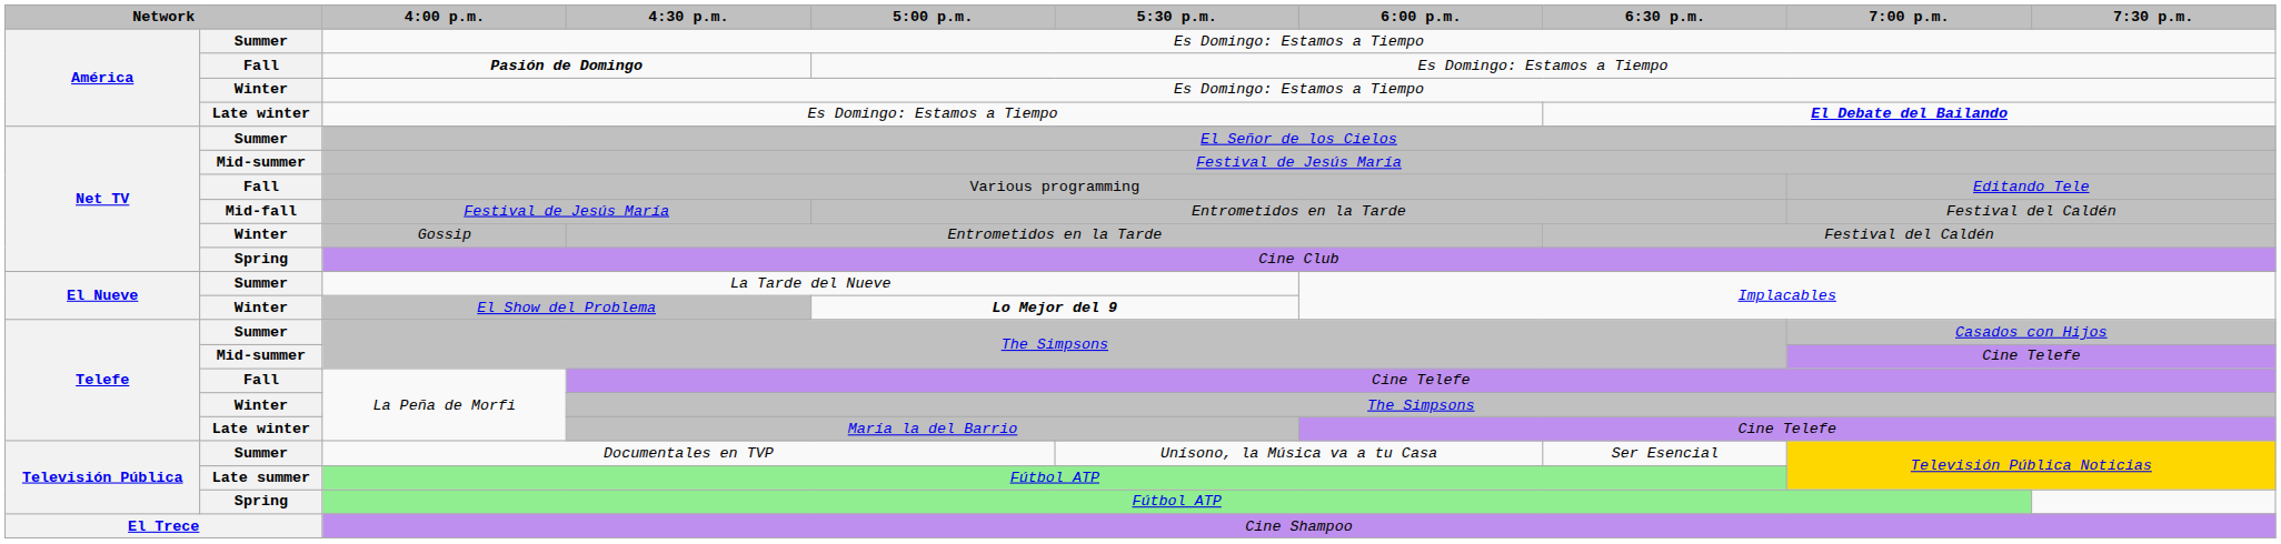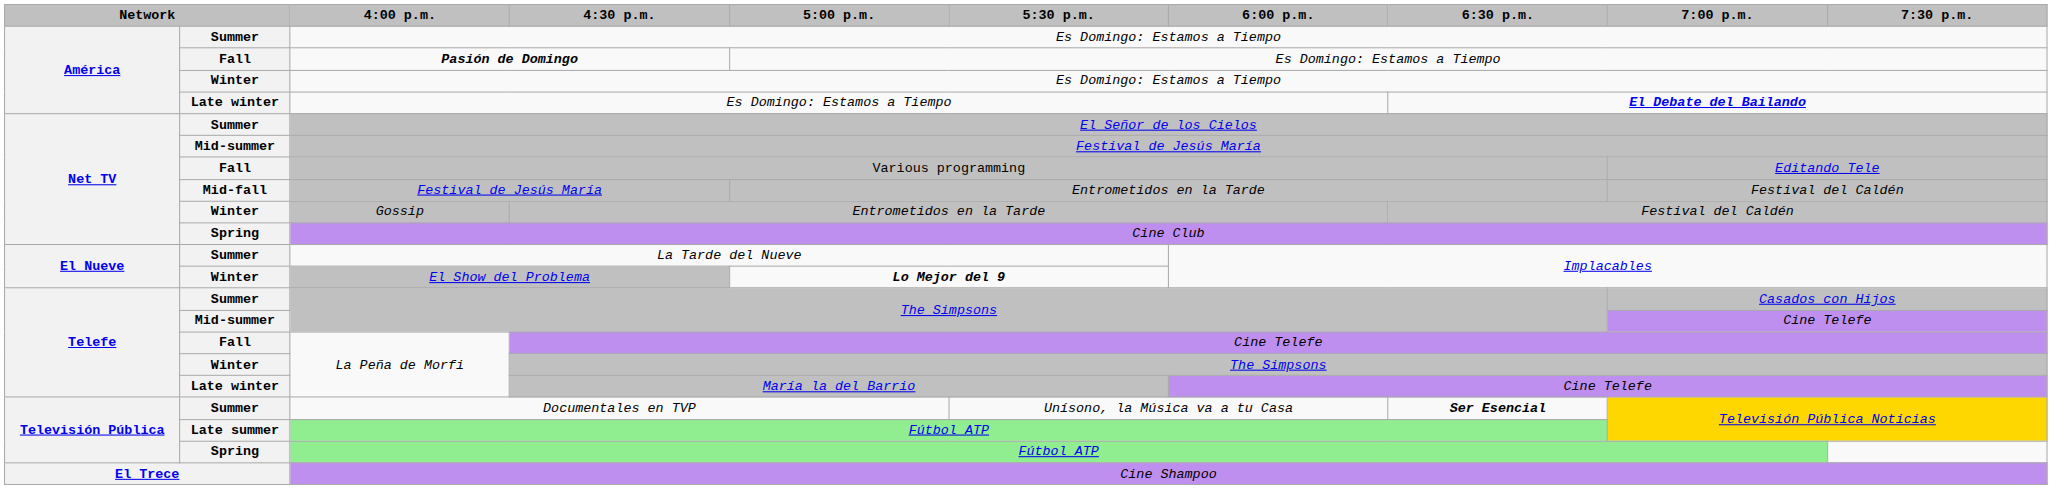 <table class="wikitable" style="width:100%;margin-right:0;text-align:center">
 <tr>
 <th colspan="2" style="background-color:#C0C0C0;width:13%;">Network</th>
 <th style="background-color:#C0C0C0;text-align:center;width:10%;">4:00 p.m.</th>
 <th style="background-color:#C0C0C0;text-align:center;width:10%;">4:30 p.m.</th>
 <th style="background-color:#C0C0C0;text-align:center;width:10%;">5:00 p.m.</th>
 <th style="background-color:#C0C0C0;text-align:center;width:10%;">5:30 p.m.</th>
 <th style="background-color:#C0C0C0;text-align:center;width:10%;">6:00 p.m.</th>
 <th style="background-color:#C0C0C0;text-align:center;width:10%;">6:30 p.m.</th>
 <th style="background-color:#C0C0C0;text-align:center;width:10%;">7:00 p.m.</th>
 <th style="background-color:#C0C0C0;text-align:center;width:10%;">7:30 p.m.</th>
 </tr>
 <tr>
 <th rowspan="4"><a href='#'>América</a></th>
 <th>Summer</th>
 <td colspan="8"><em>Es Domingo: Estamos a Tiempo</em> </td>
 </tr>
 <tr>
 <th>Fall</th>
 <td colspan="2"><strong><em>Pasión de Domingo</em></strong><br></td>
 <td colspan="6"><em>Es Domingo: Estamos a Tiempo</em></td>
 </tr>
 <tr>
 <th>Winter</th>
 <td colspan="8"><em>Es Domingo: Estamos a Tiempo</em> </td>
 </tr>
 <tr>
 <th>Late winter</th>
 <td colspan="5"><em>Es Domingo: Estamos a Tiempo</em> </td>
 <td colspan="3"><strong><em><a href='#'>El Debate del Bailando</a></em></strong></td>
 </tr>
 <tr>
 <th rowspan="6"><a href='#'>Net TV</a></th>
 <th>Summer</th>
 <td style="background:#C0C0C0;" colspan="8"><em><a href='#'>El Señor de los Cielos</a></em> </td>
 </tr>
 <tr>
 <th>Mid-summer</th>
 <td style="background:#C0C0C0;" colspan="8"><em><a href='#'>Festival de Jesús María</a></em> </td>
 </tr>
 <tr>
 <th>Fall</th>
 <td style="background:#C0C0C0;" colspan="6">Various programming</td>
 <td style="background:#C0C0C0;" colspan="2"><em><a href='#'>Editando Tele</a></em> </td>
 </tr>
 <tr>
 <th>Mid-fall</th>
 <td style="background:#C0C0C0;" colspan="2"><em><a href='#'>Festival de Jesús María</a></em>  </td>
 <td style="background:#C0C0C0;" colspan="4"><em>Entrometidos en la Tarde</em> </td>
 <td style="background:#C0C0C0;" colspan="2"><em>Festival del Caldén</em>  </td>
 </tr>
 <tr>
 <th>Winter</th>
 <td style="background:#C0C0C0;"><em>Gossip</em>  </td>
 <td style="background:#C0C0C0;" colspan="4"><em>Entrometidos en la Tarde</em> </td>
 <td style="background:#C0C0C0;" colspan="3"><em>Festival del Caldén</em> </td>
 </tr>
 <tr>
 <th>Spring</th>
 <td style="background:#bf8fef;" colspan="8"><em>Cine Club</em> </td>
 </tr>
 <tr>
 <th rowspan="2"><a href='#'>El Nueve</a></th>
 <th>Summer</th>
 <td colspan="4"><em>La Tarde del Nueve</em></td>
 <td colspan="4" rowspan="2"><em><a href='#'>Implacables</a></em></td>
 </tr>
 <tr>
 <th>Winter</th>
 <td style="background:#C0C0C0;" colspan="2"><em><a href='#'>El Show del Problema</a></em>  </td>
 <td colspan="2"><strong><em>Lo Mejor del 9</em></strong></td>
 </tr>
 <tr>
 <th rowspan="5"><a href='#'>Telefe</a></th>
 <th>Summer</th>
 <td style="background:#C0C0C0;" colspan="6" rowspan="2"><em><a href='#'>The Simpsons</a></em>  </td>
 <td style="background:#C0C0C0;" colspan="2"><em><a href='#'>Casados con Hijos</a></em>  </td>
 </tr>
 <tr>
 <th>Mid-summer</th>
 <td style="background:#bf8fef;" colspan="2"><em>Cine Telefe</em><br></td>
 </tr>
 <tr>
 <th>Fall</th>
 <td rowspan="3"><em>La Peña de Morfi</em> </td>
 <td style="background:#bf8fef;" colspan="7"><em>Cine Telefe</em> </td>
 </tr>
 <tr>
 <th>Winter</th>
 <td style="background:#C0C0C0;" colspan="7"><em><a href='#'>The Simpsons</a></em>  </td>
 </tr>
 <tr>
 <th>Late winter</th>
 <td style="background:#C0C0C0;" colspan="3"><em><a href='#'>María la del Barrio</a></em> </td>
 <td style="background:#bf8fef;" colspan="4"><em>Cine Telefe</em></td>
 </tr>
 <tr>
 <th rowspan="3"><a href='#'>Televisión Pública</a></th>
 <th>Summer</th>
 <td colspan="3"><em>Documentales en TVP</em></td>
 <td colspan="2"><em>Unísono, la Música va a tu Casa</em></td>
-<td><em>Ser Esencial</em></td>
+<td><strong><em>Ser Esencial</em></strong></td>
 <td style="background:#ffd700;" colspan="2" rowspan="2"><em><a href='#'>Televisión Pública Noticias</a></em></td>
 </tr>
 <tr>
 <th>Late summer</th>
 <td style="background:lightgreen;" colspan="6"><em><a href='#'>Fútbol ATP</a></em></td>
 </tr>
 <tr>
 <th>Spring</th>
 <td style="background:lightgreen;" colspan="7"><em><a href='#'>Fútbol ATP</a></em> </td>
 <td></td>
 </tr>
 <tr>
 <th colspan="2"><a href='#'>El Trece</a></th>
 <td style="background:#bf8fef;" colspan="8"><em>Cine Shampoo</em>  </td>
 </tr>
 </table>
